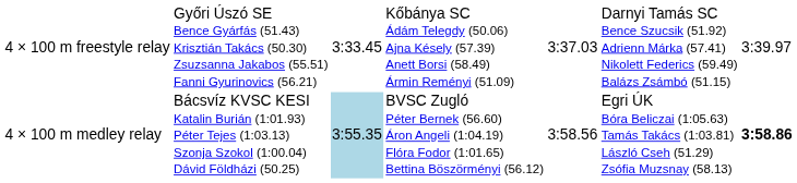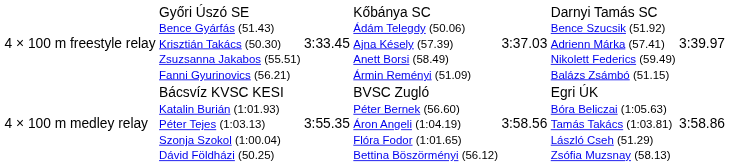 <table>
 <tr>
 <td>4 × 100 m freestyle relay</td>
 <td>Győri Úszó SE<br><small><a href='#'>Bence Gyárfás</a> (51.43)<br> <a href='#'>Krisztián Takács</a> (50.30)<br> <a href='#'>Zsuzsanna Jakabos</a> (55.51)<br> <a href='#'>Fanni Gyurinovics</a> (56.21)</small></td>
 <td>3:33.45</td>
 <td>Kőbánya SC<br><small><a href='#'>Ádám Telegdy</a> (50.06)<br> <a href='#'>Ajna Késely</a> (57.39)<br> <a href='#'>Anett Borsi</a> (58.49)<br> <a href='#'>Ármin Reményi</a> (51.09)</small></td>
 <td>3:37.03</td>
 <td>Darnyi Tamás SC<br><small><a href='#'>Bence Szucsik</a> (51.92)<br> <a href='#'>Adrienn Márka</a> (57.41)<br> <a href='#'>Nikolett Federics</a> (59.49)<br> <a href='#'>Balázs Zsámbó</a> (51.15)</small></td>
 <td>3:39.97</td>
 </tr>
 <tr>
 <td>4 × 100 m medley relay</td>
 <td>Bácsvíz KVSC KESI<br><small><a href='#'>Katalin Burián</a> (1:01.93)<br> <a href='#'>Péter Tejes</a> (1:03.13)<br> <a href='#'>Szonja Szokol</a> (1:00.04)<br> <a href='#'>Dávid Földházi</a> (50.25)</small></td>
-<td style="background: lightblue;">3:55.35</td>
+<td>3:55.35</td>
 <td>BVSC Zugló<br><small><a href='#'>Péter Bernek</a> (56.60)<br> <a href='#'>Áron Angeli</a> (1:04.19)<br> <a href='#'>Flóra Fodor</a> (1:01.65)<br> <a href='#'>Bettina Böszörményi</a> (56.12)</small></td>
 <td>3:58.56</td>
 <td>Egri ÚK<br><small><a href='#'>Bóra Beliczai</a> (1:05.63)<br> <a href='#'>Tamás Takács</a> (1:03.81)<br> <a href='#'>László Cseh</a> (51.29)<br> <a href='#'>Zsófia Muzsnay</a> (58.13)</small></td>
-<td><strong>3:58.86</strong></td>
+<td>3:58.86</td>
 </tr>
 </table>
